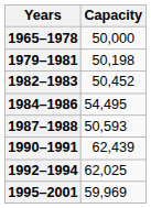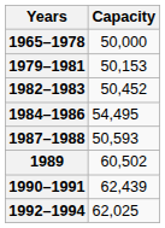 <table class="wikitable">
 <tr>
 <th scope="row">Years</th>
 <th scope="row">Capacity</th>
 </tr>
 <tr>
 <th scope="row">1965–1978</th>
 <td style="text-align:center">50,000</td>
 </tr>
 <tr>
 <th scope="row">1979–1981</th>
-<td style="text-align:center">50,198</td>
+<td style="text-align:center">50,153</td>
 </tr>
 <tr>
 <th scope="row">1982–1983</th>
 <td style="text-align:center">50,452</td>
 </tr>
 <tr>
 <th scope="row">1984–1986</th>
 <td>54,495</td>
 </tr>
 <tr>
 <th scope="row">1987–1988</th>
 <td>50,593</td>
 </tr>
 <tr>
+<th scope="row">1989</th>
+<td style="text-align:center">60,502</td>
+</tr>
+<tr>
 <th scope="row">1990–1991</th>
 <td style="text-align:center">62,439</td>
 </tr>
 <tr>
 <th scope="row">1992–1994</th>
 <td>62,025</td>
 </tr>
-<tr>
-<th scope="row">1995–2001</th>
-<td>59,969</td>
-</tr>
 </table>
